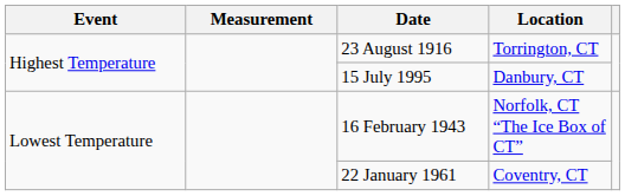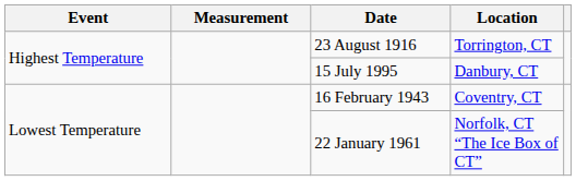 <table class="wikitable" style="font-size: 95%;" |>
 <tr>
 <th width="150">Event</th>
 <th width="125">Measurement</th>
 <th width="125">Date</th>
 <th width="100">Location</th>
 <th></th>
 </tr>
 <tr>
 <td rowspan="2">Highest <a href='#'>Temperature</a></td>
 <td rowspan="2"></td>
 <td>23 August 1916</td>
 <td><a href='#'>Torrington, CT</a></td>
 <td rowspan="2"></td>
 </tr>
 <tr>
 <td>15 July 1995</td>
 <td><a href='#'>Danbury, CT</a></td>
 </tr>
 <tr>
 <td rowspan="2">Lowest Temperature</td>
 <td rowspan="2"></td>
 <td>16 February 1943</td>
-<td><a href='#'>Norfolk, CT “The Ice Box of CT”</a></td>
+<td><a href='#'>Coventry, CT</a></td>
 <td rowspan="2"></td>
 </tr>
 <tr>
 <td>22 January 1961</td>
-<td><a href='#'>Coventry, CT</a></td>
+<td><a href='#'>Norfolk, CT “The Ice Box of CT”</a></td>
 </tr>
 </table>
